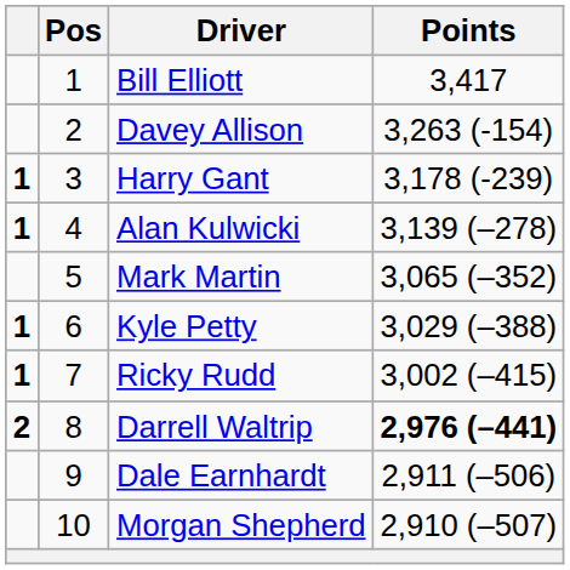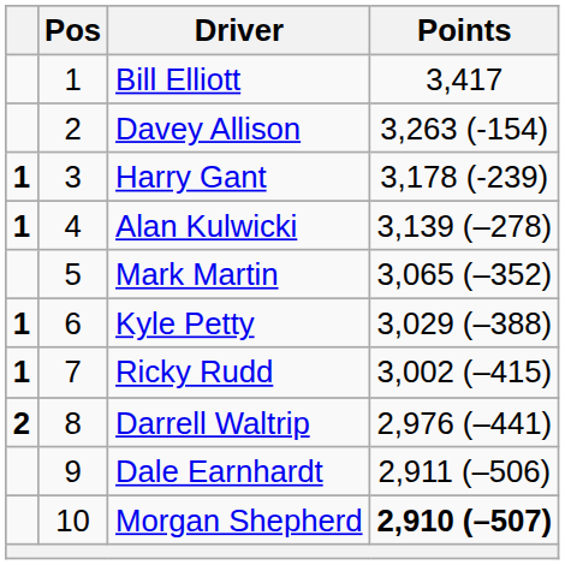 <table class="wikitable" style="font-size: 95%;">
 <tr>
 <th></th>
 <th>Pos</th>
 <th>Driver</th>
 <th>Points</th>
 </tr>
 <tr>
 <td align="left"></td>
 <td style="text-align:center;">1</td>
 <td><a href='#'>Bill Elliott</a></td>
 <td style="text-align:center;">3,417</td>
 </tr>
 <tr>
 <td align="left"></td>
 <td style="text-align:center;">2</td>
 <td><a href='#'>Davey Allison</a></td>
 <td style="text-align:center;">3,263 (-154)</td>
 </tr>
 <tr>
 <td align="left"> <strong>1</strong></td>
 <td style="text-align:center;">3</td>
 <td><a href='#'>Harry Gant</a></td>
 <td style="text-align:center;">3,178 (-239)</td>
 </tr>
 <tr>
 <td align="left"> <strong>1</strong></td>
 <td style="text-align:center;">4</td>
 <td><a href='#'>Alan Kulwicki</a></td>
 <td style="text-align:center;">3,139 (–278)</td>
 </tr>
 <tr>
 <td align="left"></td>
 <td style="text-align:center;">5</td>
 <td><a href='#'>Mark Martin</a></td>
 <td style="text-align:center;">3,065 (–352)</td>
 </tr>
 <tr>
 <td align="left"> <strong>1</strong></td>
 <td style="text-align:center;">6</td>
 <td><a href='#'>Kyle Petty</a></td>
 <td style="text-align:center;">3,029 (–388)</td>
 </tr>
 <tr>
 <td align="left"> <strong>1</strong></td>
 <td style="text-align:center;">7</td>
 <td><a href='#'>Ricky Rudd</a></td>
 <td style="text-align:center;">3,002 (–415)</td>
 </tr>
 <tr>
 <td align="left"> <strong>2</strong></td>
 <td style="text-align:center;">8</td>
 <td><a href='#'>Darrell Waltrip</a></td>
-<td style="text-align:center;"><strong>2,976 (–441)</strong></td>
+<td style="text-align:center;">2,976 (–441)</td>
 </tr>
 <tr>
 <td align="left"></td>
 <td style="text-align:center;">9</td>
 <td><a href='#'>Dale Earnhardt</a></td>
 <td style="text-align:center;">2,911 (–506)</td>
 </tr>
 <tr>
 <td align="left"></td>
 <td style="text-align:center;">10</td>
 <td><a href='#'>Morgan Shepherd</a></td>
-<td style="text-align:center;">2,910 (–507)</td>
+<td style="text-align:center;"><strong>2,910 (–507)</strong></td>
 </tr>
 <tr class="sortbottom">
 <th colspan="9"></th>
 </tr>
 </table>
